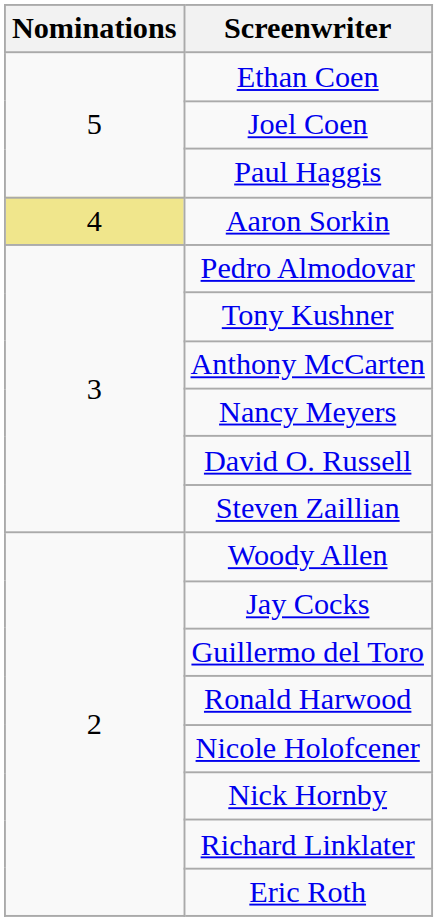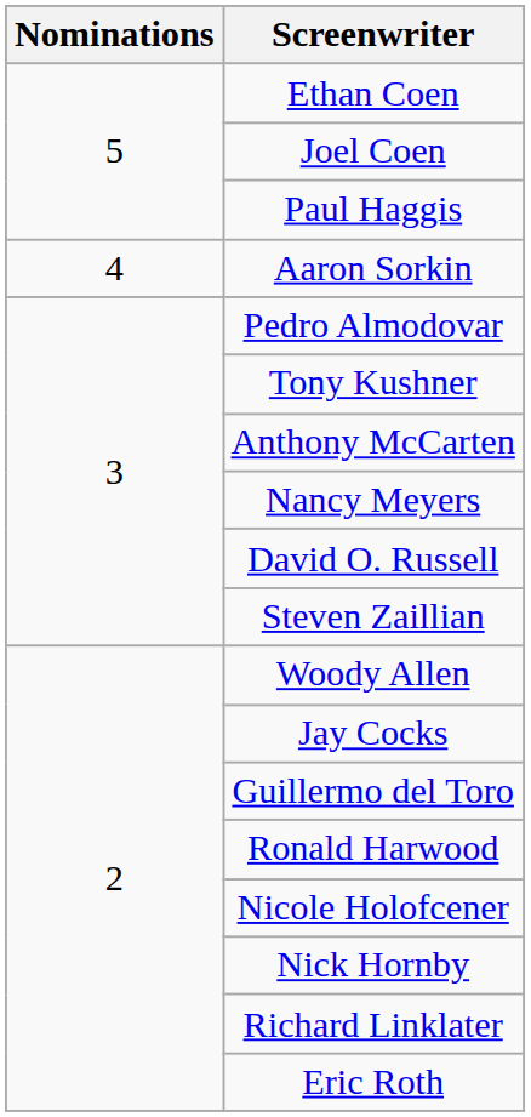 <table class="wikitable" style="text-align: center">
 <tr>
 <th scope="col" width="55">Nominations</th>
 <th scope="col" align="center">Screenwriter</th>
 </tr>
 <tr>
 <td rowspan=3 styles="text-align:center">5</td>
 <td><a href='#'>Ethan Coen</a></td>
 </tr>
 <tr>
 <td><a href='#'>Joel Coen</a></td>
 </tr>
 <tr>
 <td><a href='#'>Paul Haggis</a></td>
 </tr>
 <tr>
-<td rowspan=1 style="background: khaki; text-align:center">4</td>
+<td rowspan=1 style="text-align:center">4</td>
 <td><a href='#'>Aaron Sorkin</a></td>
 </tr>
 <tr>
 <td rowspan=6 style="text-align:center">3</td>
 <td><a href='#'>Pedro Almodovar</a></td>
 </tr>
 <tr>
 <td><a href='#'>Tony Kushner</a></td>
 </tr>
 <tr>
 <td><a href='#'>Anthony McCarten</a></td>
 </tr>
 <tr>
 <td><a href='#'>Nancy Meyers</a></td>
 </tr>
 <tr>
 <td><a href='#'>David O. Russell</a></td>
 </tr>
 <tr>
 <td><a href='#'>Steven Zaillian</a></td>
 </tr>
 <tr>
 <td rowspan=8 style="text-align:center">2</td>
 <td><a href='#'>Woody Allen</a></td>
 </tr>
 <tr>
 <td><a href='#'>Jay Cocks</a></td>
 </tr>
 <tr>
 <td><a href='#'>Guillermo del Toro</a></td>
 </tr>
 <tr>
 <td><a href='#'>Ronald Harwood</a></td>
 </tr>
 <tr>
 <td><a href='#'>Nicole Holofcener</a></td>
 </tr>
 <tr>
 <td><a href='#'>Nick Hornby</a></td>
 </tr>
 <tr>
 <td><a href='#'>Richard Linklater</a></td>
 </tr>
 <tr>
 <td><a href='#'>Eric Roth</a></td>
 </tr>
 </table>
